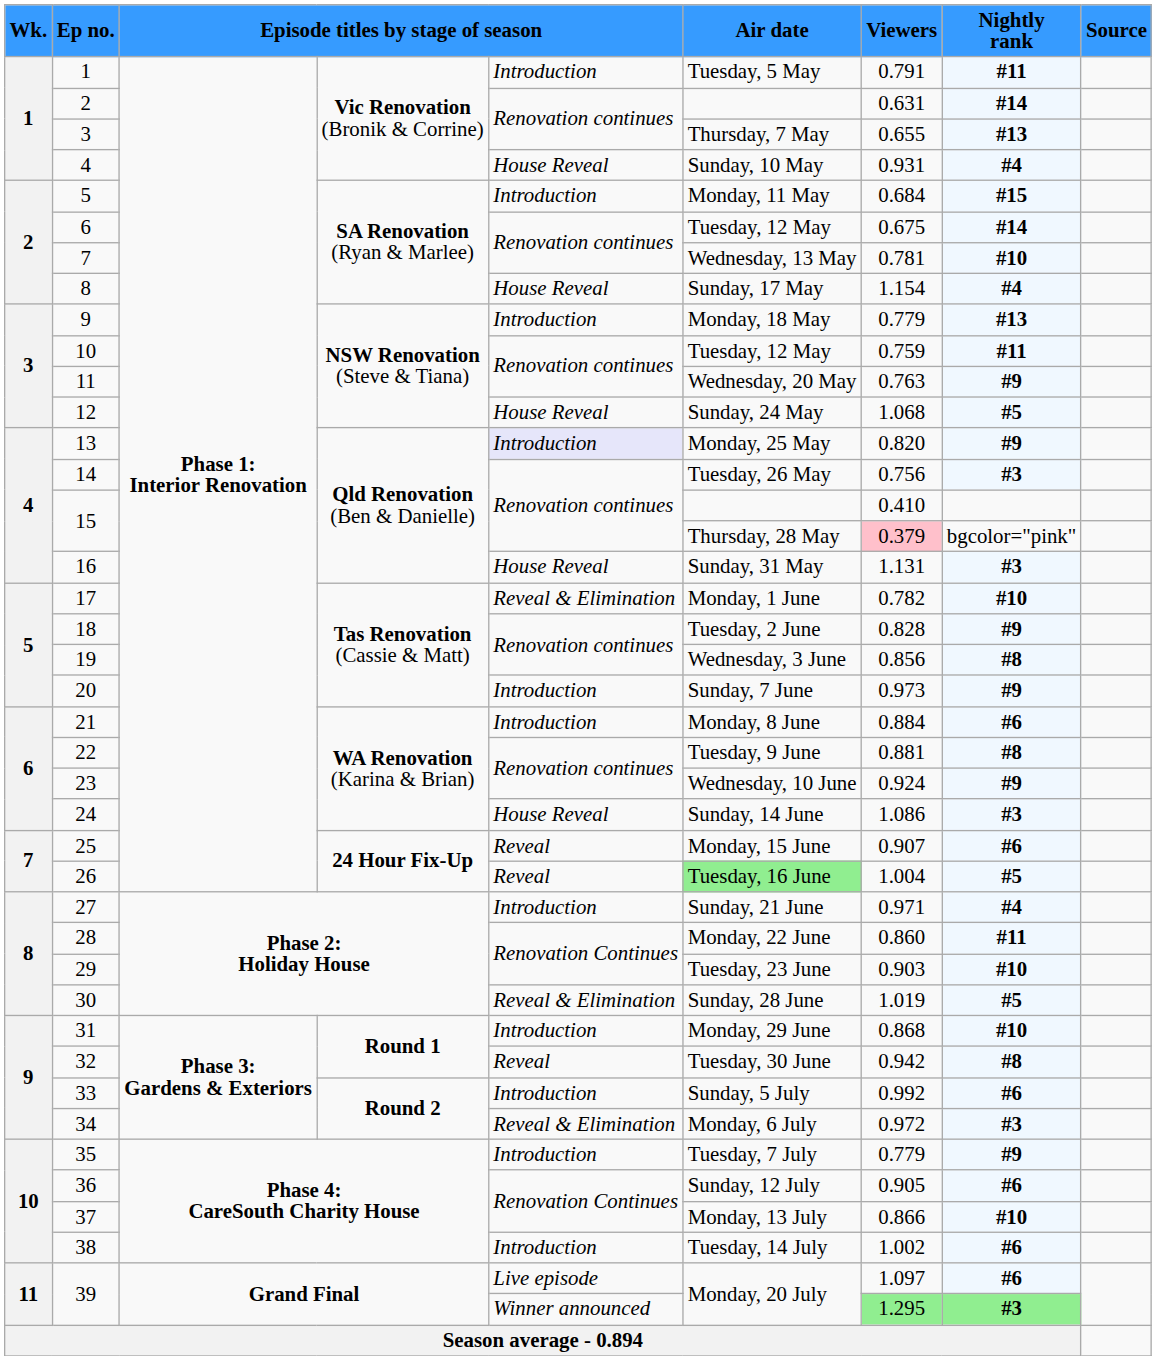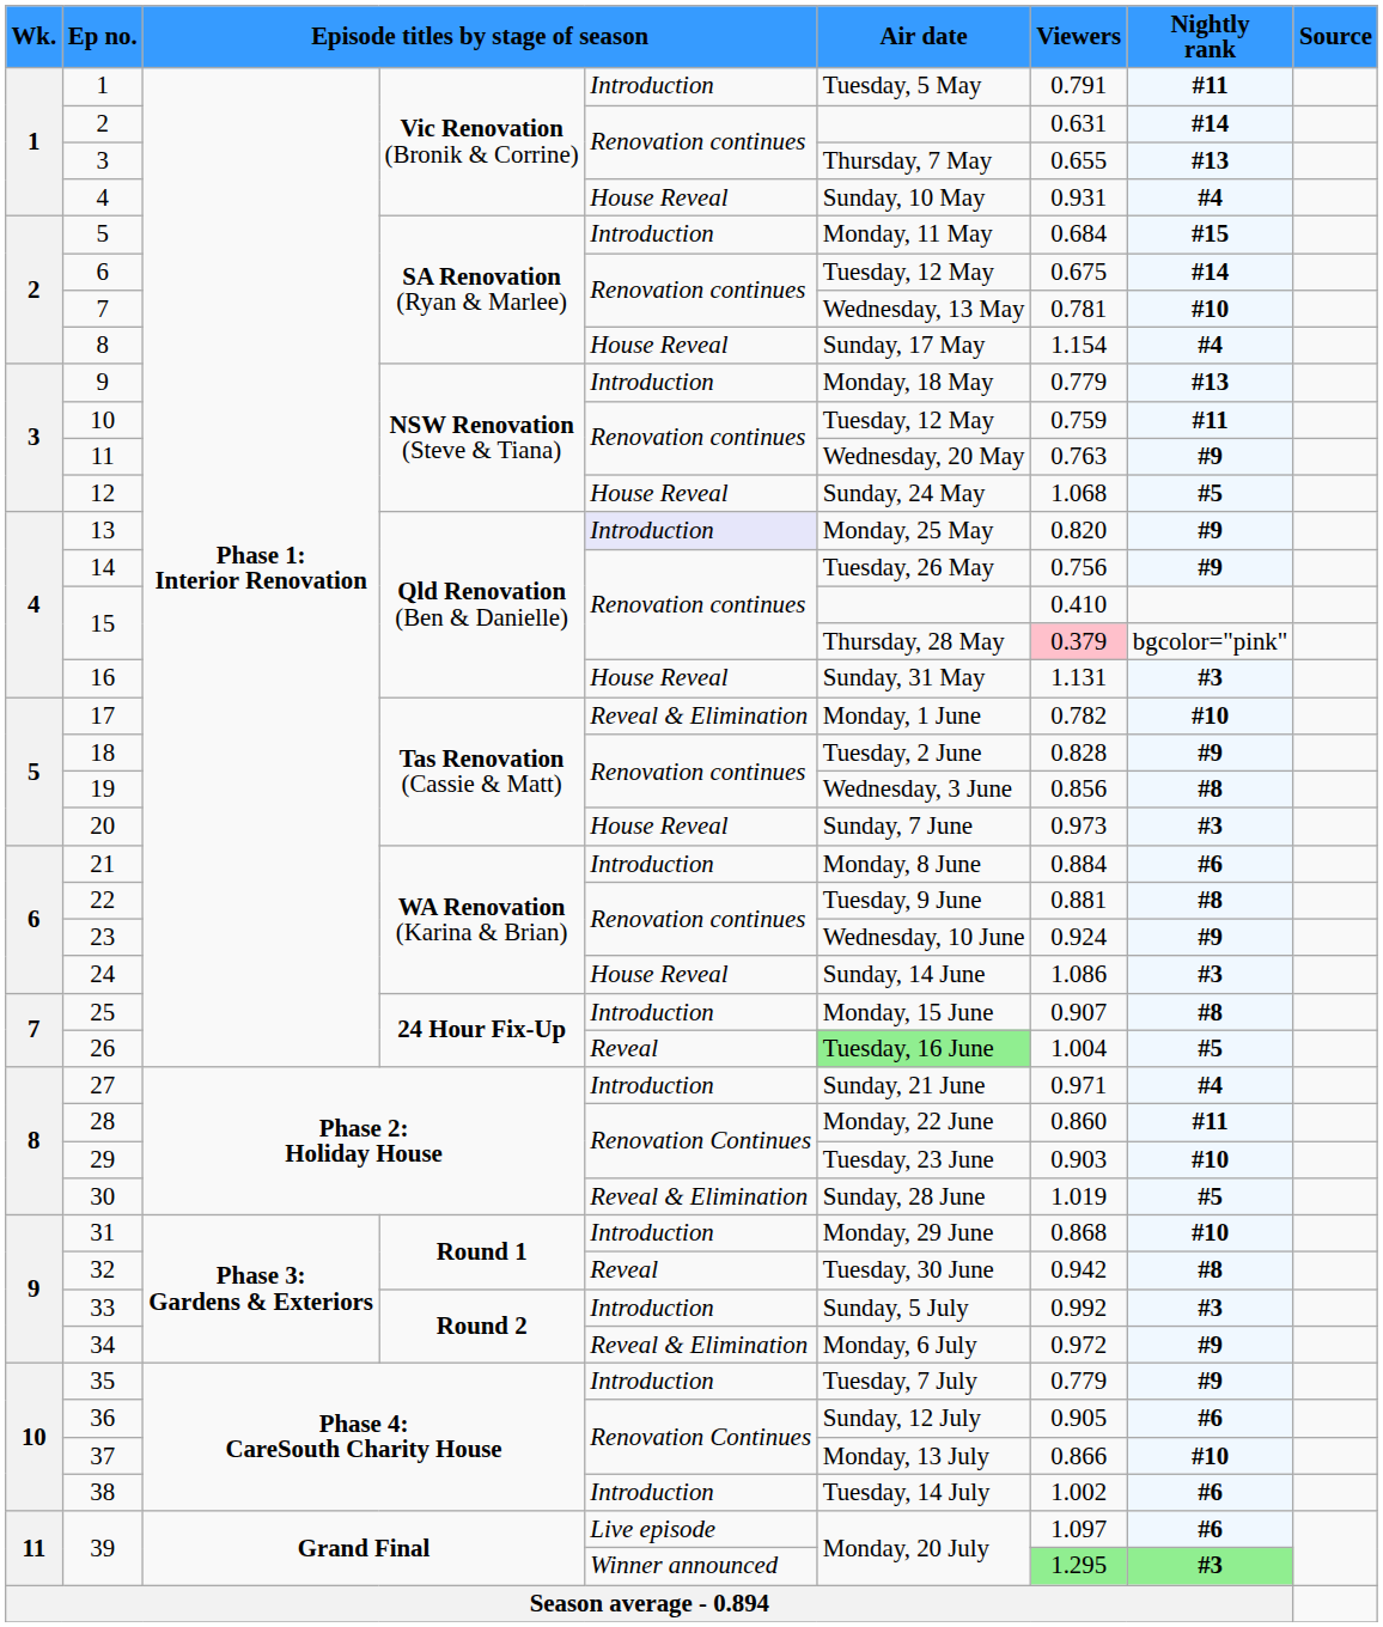 <table class="wikitable" style="text-align:center; font-size:98%; line-height:16px;">
 <tr>
 <th scope="col" style="background:#369BFF; color:black;">Wk.</th>
 <th scope="col" style="background:#369BFF; color:black;">Ep no.</th>
 <th scope="col" style="background:#369BFF; color:black;"  colspan="3">Episode titles by stage of season</th>
 <th scope="col" style="background:#369BFF; color:black;">Air date</th>
 <th scope="col" style="background:#369BFF; color:black;">Viewers<br></th>
 <th scope="col" style="background:#369BFF; color:black;">Nightly<br>rank</th>
 <th scope="col" style="background:#369BFF; color:black;">Source</th>
 </tr>
 <tr>
 <th rowspan="4">1</th>
 <td>1</td>
 <td rowspan="27"><strong>Phase 1:</strong><br> <strong>Interior Renovation</strong></td>
 <td rowspan="4"><strong>Vic Renovation</strong><br>(Bronik & Corrine)</td>
 <td style="text-align:left"><em>Introduction</em></td>
 <td style="text-align:left">Tuesday, 5 May</td>
 <td>0.791</td>
 <td style="background:#F0F8FF"><strong>#11</strong></td>
 <td></td>
 </tr>
 <tr>
 <td>2</td>
 <td style="text-align:left" rowspan="2"><em>Renovation continues</em></td>
 <td style="text-align:left"></td>
 <td>0.631</td>
 <td style="background:#F0F8FF"><strong>#14</strong></td>
 <td></td>
 </tr>
 <tr>
 <td>3</td>
 <td style="text-align:left">Thursday, 7 May</td>
 <td>0.655</td>
 <td style="background:#F0F8FF"><strong>#13</strong></td>
 <td></td>
 </tr>
 <tr>
 <td>4</td>
 <td style="text-align:left"><em>House Reveal</em></td>
 <td style="text-align:left">Sunday, 10 May</td>
 <td>0.931</td>
 <td style="background:#F0F8FF"><strong>#4</strong></td>
 <td></td>
 </tr>
 <tr>
 <th rowspan="4">2</th>
 <td>5</td>
 <td rowspan="4"><strong>SA Renovation</strong><br>(Ryan & Marlee)</td>
 <td style="text-align:left"><em>Introduction</em></td>
 <td style="text-align:left">Monday, 11 May</td>
 <td>0.684</td>
 <td style="background:#F0F8FF"><strong>#15</strong></td>
 <td></td>
 </tr>
 <tr>
 <td>6</td>
 <td style="text-align:left" rowspan="2"><em>Renovation continues</em></td>
 <td style="text-align:left">Tuesday, 12 May</td>
 <td>0.675</td>
 <td style="background:#F0F8FF"><strong>#14</strong></td>
 <td></td>
 </tr>
 <tr>
 <td>7</td>
 <td style="text-align:left">Wednesday, 13 May</td>
 <td>0.781</td>
 <td style="background:#F0F8FF"><strong>#10</strong></td>
 <td></td>
 </tr>
 <tr>
 <td>8</td>
 <td style="text-align:left"><em>House Reveal</em></td>
 <td style="text-align:left">Sunday, 17 May</td>
 <td>1.154</td>
 <td style="background:#F0F8FF"><strong>#4</strong></td>
 <td></td>
 </tr>
 <tr>
 <th rowspan="4">3</th>
 <td>9</td>
 <td rowspan="4"><strong>NSW Renovation</strong><br>(Steve & Tiana)</td>
 <td style="text-align:left"><em>Introduction</em></td>
 <td style="text-align:left">Monday, 18 May</td>
 <td>0.779</td>
 <td style="background:#F0F8FF"><strong>#13</strong></td>
 <td></td>
 </tr>
 <tr>
 <td>10</td>
 <td style="text-align:left" rowspan="2"><em>Renovation continues</em></td>
 <td style="text-align:left">Tuesday, 12 May</td>
 <td>0.759</td>
 <td style="background:#F0F8FF"><strong>#11</strong></td>
 <td></td>
 </tr>
 <tr>
 <td>11</td>
 <td style="text-align:left">Wednesday, 20 May</td>
 <td>0.763</td>
 <td style="background:#F0F8FF"><strong>#9</strong></td>
 <td></td>
 </tr>
 <tr>
 <td>12</td>
 <td style="text-align:left"><em>House Reveal</em></td>
 <td style="text-align:left">Sunday, 24 May</td>
 <td>1.068</td>
 <td style="background:#F0F8FF"><strong>#5</strong></td>
 <td></td>
 </tr>
 <tr>
 <th rowspan="5">4</th>
 <td>13</td>
 <td rowspan="5"><strong>Qld Renovation</strong><br>(Ben & Danielle)</td>
 <td style="background: lavender; text-align:left"><em>Introduction</em></td>
 <td style="text-align:left">Monday, 25 May</td>
 <td>0.820</td>
 <td style="background:#F0F8FF"><strong>#9</strong></td>
 <td></td>
 </tr>
 <tr>
 <td>14</td>
 <td style="text-align:left" rowspan="3"><em>Renovation continues</em></td>
 <td style="text-align:left">Tuesday, 26 May</td>
 <td>0.756</td>
-<td style="background:#F0F8FF"><strong>#3</strong></td>
+<td style="background:#F0F8FF"><strong>#9</strong></td>
 <td></td>
 </tr>
 <tr>
 <td rowspan="2">15</td>
 <td style="text-align:left"></td>
 <td>0.410</td>
 <td></td>
 <td></td>
 </tr>
 <tr>
 <td style="text-align:left">Thursday, 28 May</td>
 <td bgcolor="pink">0.379</td>
 <td>bgcolor="pink" </td>
 <td></td>
 </tr>
 <tr>
 <td>16</td>
 <td style="text-align:left"><em>House Reveal</em></td>
 <td style="text-align:left">Sunday, 31 May</td>
 <td>1.131</td>
 <td style="background:#F0F8FF"><strong>#3</strong></td>
 <td></td>
 </tr>
 <tr>
 <th rowspan="4">5</th>
 <td>17</td>
 <td rowspan="4"><strong>Tas Renovation</strong><br>(Cassie & Matt)</td>
 <td style="text-align:left"><em>Reveal & Elimination</em></td>
 <td style="text-align:left">Monday, 1 June</td>
 <td>0.782</td>
 <td style="background:#F0F8FF"><strong>#10</strong></td>
 <td></td>
 </tr>
 <tr>
 <td>18</td>
 <td style="text-align:left" rowspan="2"><em>Renovation continues</em></td>
 <td style="text-align:left">Tuesday, 2 June</td>
 <td>0.828</td>
 <td style="background:#F0F8FF"><strong>#9</strong></td>
 <td></td>
 </tr>
 <tr>
 <td>19</td>
 <td style="text-align:left">Wednesday, 3 June</td>
 <td>0.856</td>
 <td style="background:#F0F8FF"><strong>#8</strong></td>
 <td></td>
 </tr>
 <tr>
 <td>20</td>
-<td style="text-align:left"><em>Introduction</em></td>
+<td style="text-align:left"><em>House Reveal</em></td>
 <td style="text-align:left">Sunday, 7 June</td>
 <td>0.973</td>
-<td style="background:#F0F8FF"><strong>#9</strong></td>
+<td style="background:#F0F8FF"><strong>#3</strong></td>
 <td></td>
 </tr>
 <tr>
 <th rowspan="4">6</th>
 <td>21</td>
 <td rowspan="4"><strong>WA Renovation</strong><br>(Karina & Brian)</td>
 <td style="text-align:left"><em>Introduction</em></td>
 <td style="text-align:left">Monday, 8 June</td>
 <td>0.884</td>
 <td style="background:#F0F8FF"><strong>#6</strong></td>
 <td></td>
 </tr>
 <tr>
 <td>22</td>
 <td style="text-align:left" rowspan="2"><em>Renovation continues</em></td>
 <td style="text-align:left">Tuesday, 9 June</td>
 <td>0.881</td>
 <td style="background:#F0F8FF"><strong>#8</strong></td>
 <td></td>
 </tr>
 <tr>
 <td>23</td>
 <td style="text-align:left">Wednesday, 10 June</td>
 <td>0.924</td>
 <td style="background:#F0F8FF"><strong>#9</strong></td>
 <td></td>
 </tr>
 <tr>
 <td>24</td>
 <td style="text-align:left"><em>House Reveal</em></td>
 <td style="text-align:left">Sunday, 14 June</td>
 <td>1.086</td>
 <td style="background:#F0F8FF"><strong>#3</strong></td>
 <td></td>
 </tr>
 <tr>
 <th rowspan="2">7</th>
 <td>25</td>
 <td rowspan="2"><strong>24 Hour Fix-Up</strong></td>
-<td style="text-align:left"><em>Reveal</em></td>
+<td style="text-align:left"><em>Introduction</em></td>
 <td style="text-align:left">Monday, 15 June</td>
 <td>0.907</td>
-<td style="background:#F0F8FF"><strong>#6</strong></td>
+<td style="background:#F0F8FF"><strong>#8</strong></td>
 <td></td>
 </tr>
 <tr>
 <td>26</td>
 <td style="text-align:left"><em>Reveal</em></td>
 <td style="background: lightgreen; text-align:left">Tuesday, 16 June</td>
 <td>1.004</td>
 <td style="background:#F0F8FF"><strong>#5</strong></td>
 <td></td>
 </tr>
 <tr>
 <th rowspan="4">8</th>
 <td>27</td>
 <td colspan=2 rowspan="4"><strong>Phase 2:<br>Holiday House</strong></td>
 <td style="text-align:left"><em>Introduction</em></td>
 <td style="text-align:left">Sunday, 21 June</td>
 <td>0.971</td>
 <td style="background:#F0F8FF"><strong>#4</strong></td>
 <td></td>
 </tr>
 <tr>
 <td>28</td>
 <td rowspan=2 style="text-align:left"><em>Renovation Continues</em></td>
 <td style="text-align:left">Monday, 22 June</td>
 <td>0.860</td>
 <td style="background:#F0F8FF"><strong>#11</strong></td>
 <td></td>
 </tr>
 <tr>
 <td>29</td>
 <td style="text-align:left">Tuesday, 23 June</td>
 <td>0.903</td>
 <td style="background:#F0F8FF"><strong>#10</strong></td>
 <td></td>
 </tr>
 <tr>
 <td>30</td>
 <td style="text-align:left"><em>Reveal & Elimination</em></td>
 <td style="text-align:left">Sunday, 28 June</td>
 <td>1.019</td>
 <td style="background:#F0F8FF"><strong>#5</strong></td>
 <td></td>
 </tr>
 <tr>
 <th rowspan="4">9</th>
 <td>31</td>
 <td rowspan="4"><strong>Phase 3:<br>Gardens & Exteriors</strong></td>
 <td rowspan=2><strong>Round 1</strong></td>
 <td style="text-align:left"><em>Introduction</em></td>
 <td style="text-align:left">Monday, 29 June</td>
 <td>0.868</td>
 <td style="background:#F0F8FF"><strong>#10</strong></td>
 <td></td>
 </tr>
 <tr>
 <td>32</td>
 <td style="text-align:left"><em>Reveal</em></td>
 <td style="text-align:left">Tuesday, 30 June</td>
 <td>0.942</td>
 <td style="background:#F0F8FF"><strong>#8</strong></td>
 <td></td>
 </tr>
 <tr>
 <td>33</td>
 <td rowspan=2><strong>Round 2</strong></td>
 <td style="text-align:left"><em>Introduction</em></td>
 <td style="text-align:left">Sunday, 5 July</td>
 <td>0.992</td>
-<td style="background:#F0F8FF"><strong>#6</strong></td>
+<td style="background:#F0F8FF"><strong>#3</strong></td>
 <td></td>
 </tr>
 <tr>
 <td>34</td>
 <td style="text-align:left"><em>Reveal & Elimination</em></td>
 <td style="text-align:left">Monday, 6 July</td>
 <td>0.972</td>
-<td style="background:#F0F8FF"><strong>#3</strong></td>
+<td style="background:#F0F8FF"><strong>#9</strong></td>
 <td></td>
 </tr>
 <tr>
 <th rowspan="4">10</th>
 <td>35</td>
 <td colspan=2 rowspan="4"><strong>Phase 4:<br>CareSouth Charity House</strong></td>
 <td style="text-align:left"><em>Introduction</em></td>
 <td style="text-align:left">Tuesday, 7 July</td>
 <td>0.779</td>
 <td style="background:#F0F8FF"><strong>#9</strong></td>
 <td></td>
 </tr>
 <tr>
 <td>36</td>
 <td rowspan="2" style="text-align:left"><em>Renovation Continues</em></td>
 <td style="text-align:left">Sunday, 12 July</td>
 <td>0.905</td>
 <td style="background:#F0F8FF"><strong>#6</strong></td>
 <td></td>
 </tr>
 <tr>
 <td>37</td>
 <td style="text-align:left">Monday, 13 July</td>
 <td>0.866</td>
 <td style="background:#F0F8FF"><strong>#10</strong></td>
 <td></td>
 </tr>
 <tr>
 <td>38</td>
 <td style="text-align:left"><em>Introduction</em></td>
 <td style="text-align:left">Tuesday, 14 July</td>
 <td>1.002</td>
 <td style="background:#F0F8FF"><strong>#6</strong></td>
 <td></td>
 </tr>
 <tr>
 <th rowspan="2">11</th>
 <td rowspan="2">39</td>
 <td colspan=2 rowspan="2"><strong>Grand Final</strong></td>
 <td style="text-align:left"><em>Live episode</em></td>
 <td style="text-align:left" rowspan="2">Monday, 20 July</td>
 <td>1.097</td>
 <td style="background:#F0F8FF"><strong>#6</strong></td>
 <td rowspan="2"></td>
 </tr>
 <tr>
 <td style="text-align:left"><em>Winner announced</em></td>
 <td bgcolor="lightgreen">1.295</td>
 <td bgcolor="lightgreen"><strong>#3</strong></td>
 </tr>
 <tr>
 <th colspan="8">Season average - 0.894</th>
 </tr>
 </table>
